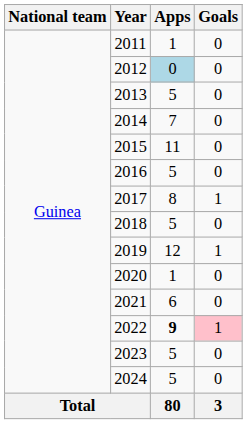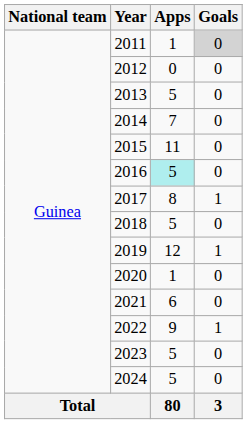 <table class="wikitable" style="text-align:center">
 <tr>
 <th>National team</th>
 <th>Year</th>
 <th>Apps</th>
 <th>Goals</th>
 </tr>
 <tr>
 <td rowspan="14"><a href='#'>Guinea</a></td>
 <td>2011</td>
 <td>1</td>
-<td>0</td>
+<td style="background: lightgrey;">0</td>
 </tr>
 <tr>
 <td>2012</td>
-<td style="background: lightblue;">0</td>
+<td>0</td>
 <td>0</td>
 </tr>
 <tr>
 <td>2013</td>
 <td>5</td>
 <td>0</td>
 </tr>
 <tr>
 <td>2014</td>
 <td>7</td>
 <td>0</td>
 </tr>
 <tr>
 <td>2015</td>
 <td>11</td>
 <td>0</td>
 </tr>
 <tr>
 <td>2016</td>
-<td>5</td>
+<td style="background: paleturquoise;">5</td>
 <td>0</td>
 </tr>
 <tr>
 <td>2017</td>
 <td>8</td>
 <td>1</td>
 </tr>
 <tr>
 <td>2018</td>
 <td>5</td>
 <td>0</td>
 </tr>
 <tr>
 <td>2019</td>
 <td>12</td>
 <td>1</td>
 </tr>
 <tr>
 <td>2020</td>
 <td>1</td>
 <td>0</td>
 </tr>
 <tr>
 <td>2021</td>
 <td>6</td>
 <td>0</td>
 </tr>
 <tr>
 <td>2022</td>
-<td><strong>9</strong></td>
-<td style="background: pink;">1</td>
+<td>9</td>
+<td>1</td>
 </tr>
 <tr>
 <td>2023</td>
 <td>5</td>
 <td>0</td>
 </tr>
 <tr>
 <td>2024</td>
 <td>5</td>
 <td>0</td>
 </tr>
 <tr>
 <th colspan="2">Total</th>
 <th>80</th>
 <th>3</th>
 </tr>
 </table>
